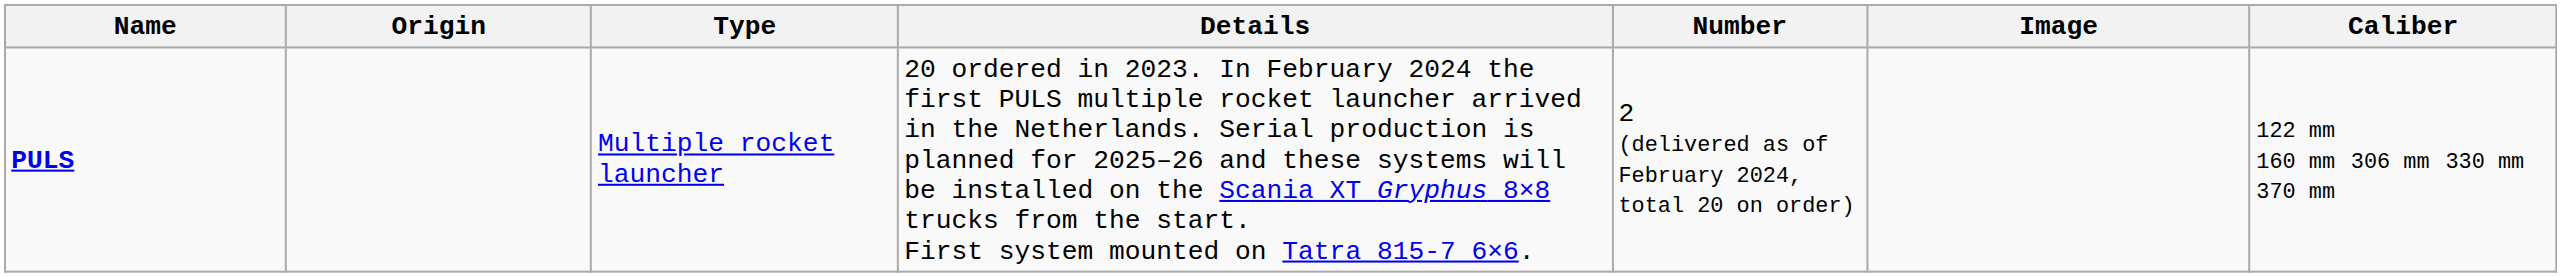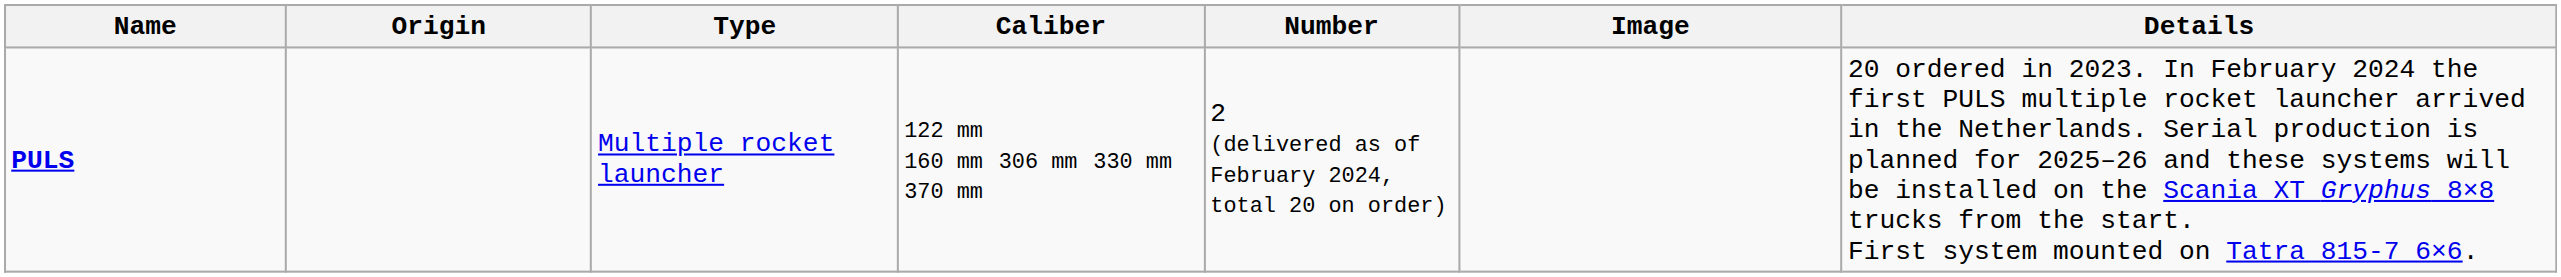 <table class="wikitable" style="margin:auto; width:100%;">
 <tr>
 <th style="text-align: center; width:11%;">Name</th>
 <th style="text-align: center; width:12%;">Origin</th>
 <th style="text-align: center; width:12%;">Type</th>
-<th style="text-align: center; width:28%;">Details</th>
+<th style="text-align: center; width:12%;">Caliber</th>
 <th style="text-align: center; width:10%;">Number</th>
 <th style="text-align: center; width:15%;">Image</th>
-<th style="text-align: center; width:12%;">Caliber</th>
+<th style="text-align: center; width:28%;">Details</th>
 </tr>
 <tr>
 <td><strong><a href='#'>PULS</a></strong></td>
 <td><small></small></td>
 <td><a href='#'>Multiple rocket launcher</a></td>
-<td>20 ordered in 2023. In February 2024 the first PULS multiple rocket launcher arrived in the Netherlands. Serial production is planned for 2025–26 and these systems will be installed on the <a href='#'>Scania XT <em>Gryphus</em> 8×8</a> trucks from the start.<br>First system mounted on <a href='#'>Tatra 815-7 6×6</a>.</td>
+<td><small>122 mm</small><br><small>160 mm</small> <small>306 mm</small> <small>330 mm</small> <small>370 mm</small></td>
 <td>2<br><small>(delivered as of February 2024, total 20 on order)</small></td>
 <td></td>
-<td><small>122 mm</small><br><small>160 mm</small> <small>306 mm</small> <small>330 mm</small> <small>370 mm</small></td>
+<td>20 ordered in 2023. In February 2024 the first PULS multiple rocket launcher arrived in the Netherlands. Serial production is planned for 2025–26 and these systems will be installed on the <a href='#'>Scania XT <em>Gryphus</em> 8×8</a> trucks from the start.<br>First system mounted on <a href='#'>Tatra 815-7 6×6</a>.</td>
 </tr>
 </table>
